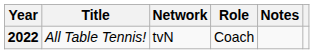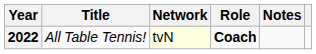 <table class="wikitable sortable plainrowheaders">
 <tr>
 <th scope="col">Year</th>
 <th scope="col">Title</th>
 <th scope="col">Network</th>
 <th scope="col">Role</th>
 <th scope="col">Notes</th>
 <th scope="col" class="unsortable"></th>
 </tr>
 <tr>
 <th scope="row">2022</th>
 <td><em>All Table Tennis!</em></td>
-<td>tvN</td>
-<td>Coach</td>
+<td style="background: lightyellow;">tvN</td>
+<td><strong>Coach</strong></td>
 <td></td>
 <td></td>
 </tr>
 </table>
